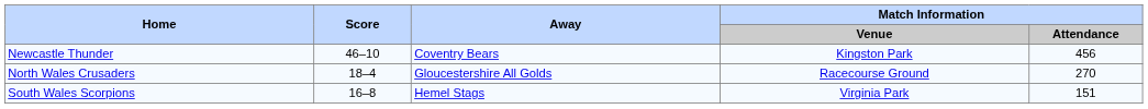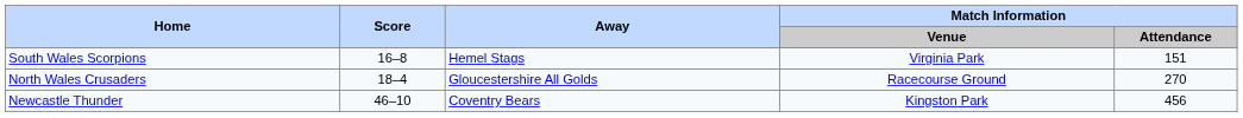 <table border=1 style="border-collapse:collapse; font-size:85%; text-align:center;" cellpadding=3 cellspacing=0 width=100%>
 <tr bgcolor=#C1D8FF>
 <th rowspan=2 width=19%>Home</th>
 <th rowspan=2 width=6%>Score</th>
 <th rowspan=2 width=19%>Away</th>
 <th colspan=2>Match Information</th>
 </tr>
 <tr bgcolor=#CCCCCC>
 <th width=19%>Venue</th>
 <th width=7%>Attendance</th>
 </tr>
 <tr bgcolor=#F5FAFF>
-<td align=left> <a href='#'>Newcastle Thunder</a></td>
-<td>46–10</td>
-<td align=left> <a href='#'>Coventry Bears</a></td>
-<td><a href='#'>Kingston Park</a></td>
-<td>456</td>
+<td align=left> <a href='#'>South Wales Scorpions</a></td>
+<td>16–8</td>
+<td align=left> <a href='#'>Hemel Stags</a></td>
+<td><a href='#'>Virginia Park</a></td>
+<td>151</td>
 </tr>
 <tr bgcolor=#F5FAFF>
 <td align=left> <a href='#'>North Wales Crusaders</a></td>
 <td>18–4</td>
 <td align=left> <a href='#'>Gloucestershire All Golds</a></td>
 <td><a href='#'>Racecourse Ground</a></td>
 <td>270</td>
 </tr>
 <tr bgcolor=#F5FAFF>
-<td align=left> <a href='#'>South Wales Scorpions</a></td>
-<td>16–8</td>
-<td align=left> <a href='#'>Hemel Stags</a></td>
-<td><a href='#'>Virginia Park</a></td>
-<td>151</td>
+<td align=left> <a href='#'>Newcastle Thunder</a></td>
+<td>46–10</td>
+<td align=left> <a href='#'>Coventry Bears</a></td>
+<td><a href='#'>Kingston Park</a></td>
+<td>456</td>
 </tr>
 </table>
